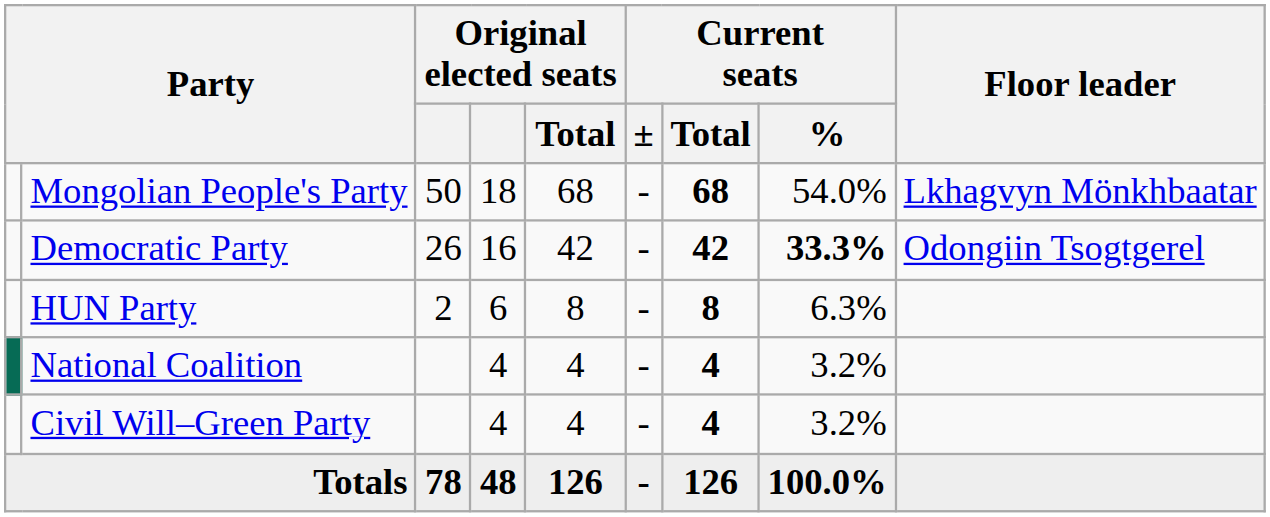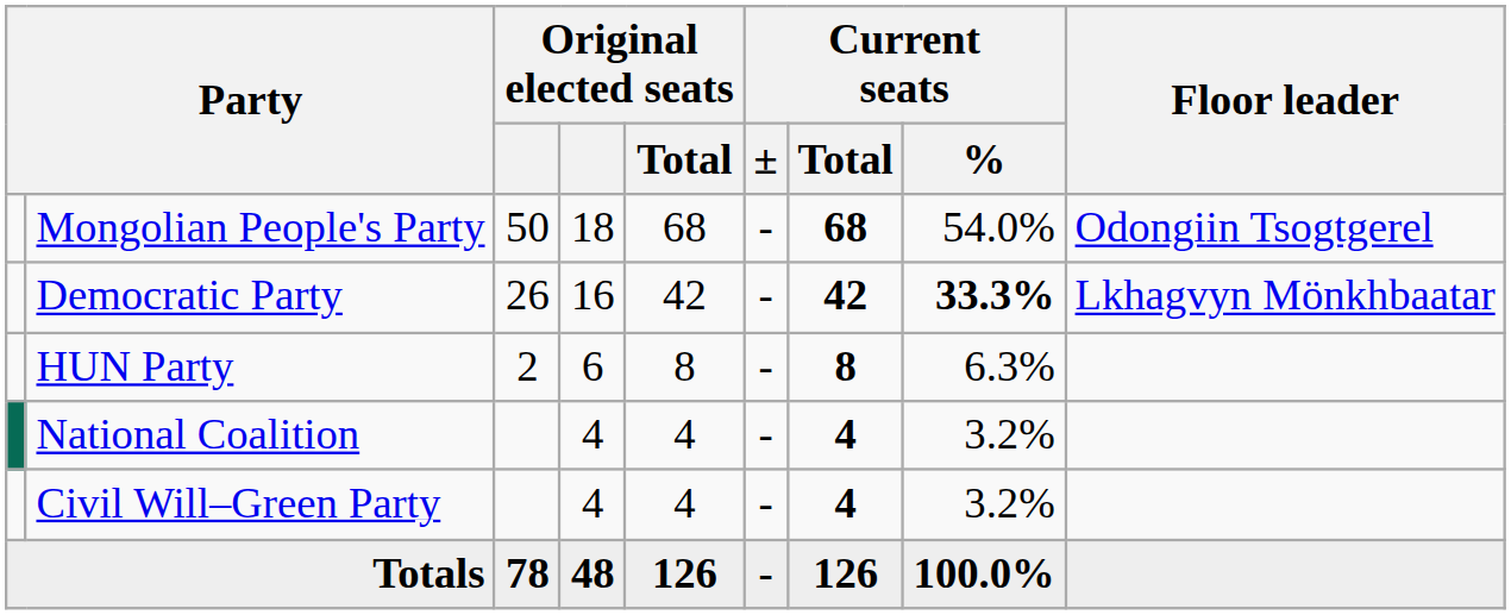 <table class="wikitable" style="text-align:center">
 <tr>
 <th scope="col" rowspan="2" colspan="2">Party</th>
 <th scope="col" colspan="3">Original<br>elected seats</th>
 <th scope="col" colspan="3">Current<br>seats</th>
 <th scope="col" rowspan="2">Floor leader</th>
 </tr>
 <tr>
 <th scope="col"></th>
 <th scope="col"></th>
 <th scope="col">Total</th>
 <th scope="col">±</th>
 <th scope="col">Total</th>
 <th scope="col">%</th>
 </tr>
 <tr>
 <td scope="row" style="background:"></td>
 <td style="text-align:left"><a href='#'>Mongolian People's Party</a></td>
 <td>50</td>
 <td>18</td>
 <td>68</td>
 <td>-</td>
 <td><strong>68</strong></td>
 <td style="text-align:right">54.0%</td>
-<td style="text-align:left"><a href='#'>Lkhagvyn Mönkhbaatar</a></td>
+<td style="text-align:left"><a href='#'>Odongiin Tsogtgerel</a></td>
 </tr>
 <tr>
 <td scope="row" style="background:"></td>
 <td style="text-align:left"><a href='#'>Democratic Party</a></td>
 <td>26</td>
 <td>16</td>
 <td>42</td>
 <td>-</td>
 <td><strong>42</strong></td>
 <td style="text-align:right"><strong>33.3%</strong></td>
-<td style="text-align:left"><a href='#'>Odongiin Tsogtgerel</a></td>
+<td style="text-align:left"><a href='#'>Lkhagvyn Mönkhbaatar</a></td>
 </tr>
 <tr>
 <td scope="row" style="background:"></td>
 <td style="text-align:left"><a href='#'>HUN Party</a></td>
 <td>2</td>
 <td>6</td>
 <td>8</td>
 <td>-</td>
 <td><strong>8</strong></td>
 <td style="text-align:right">6.3%</td>
 <td></td>
 </tr>
 <tr>
 <td scope="row" style="background:#066B55"></td>
 <td style="text-align:left"><a href='#'>National Coalition</a></td>
 <td></td>
 <td>4</td>
 <td>4</td>
 <td>-</td>
 <td><strong>4</strong></td>
 <td style="text-align:right">3.2%</td>
 <td></td>
 </tr>
 <tr>
 <td scope="row" style="background:"></td>
 <td style= "text-align:left"><a href='#'>Civil Will–Green Party</a></td>
 <td></td>
 <td>4</td>
 <td>4</td>
 <td>-</td>
 <td><strong>4</strong></td>
 <td style="text-align:right">3.2%</td>
 <td></td>
 </tr>
 <tr style="background:#eee;">
 <td scope="row" colspan="2" style="text-align:right"><strong>Totals</strong></td>
 <td><strong>78</strong></td>
 <td><strong>48</strong></td>
 <td><strong>126</strong></td>
 <td><strong>-</strong></td>
 <td><strong>126</strong></td>
 <td style="text-align:right"><strong>100.0%</strong></td>
 <td></td>
 </tr>
 </table>
